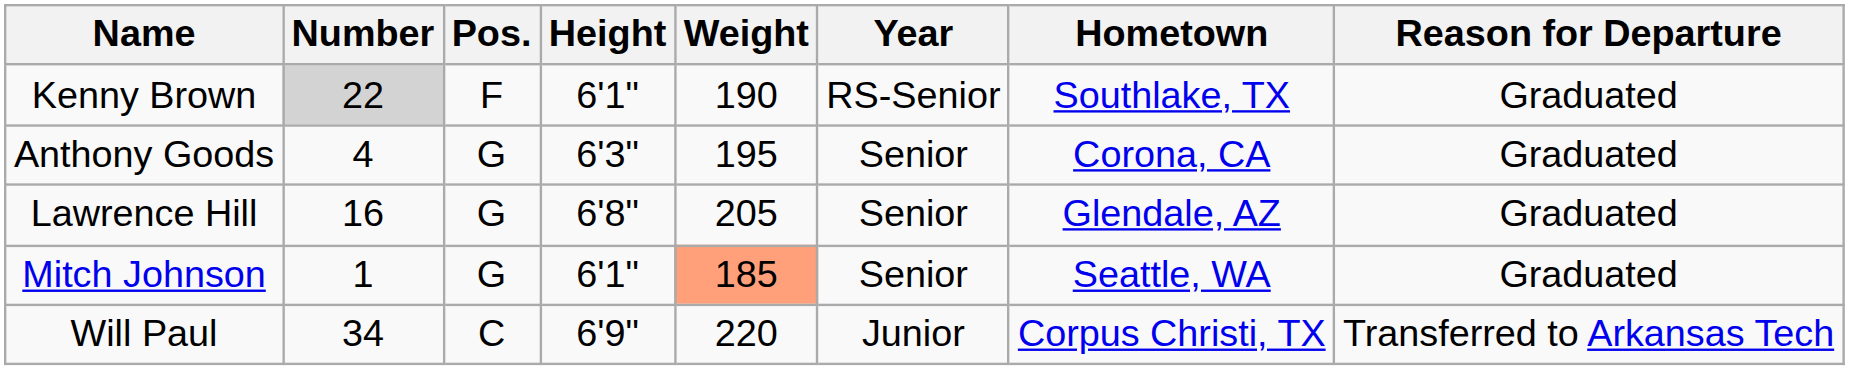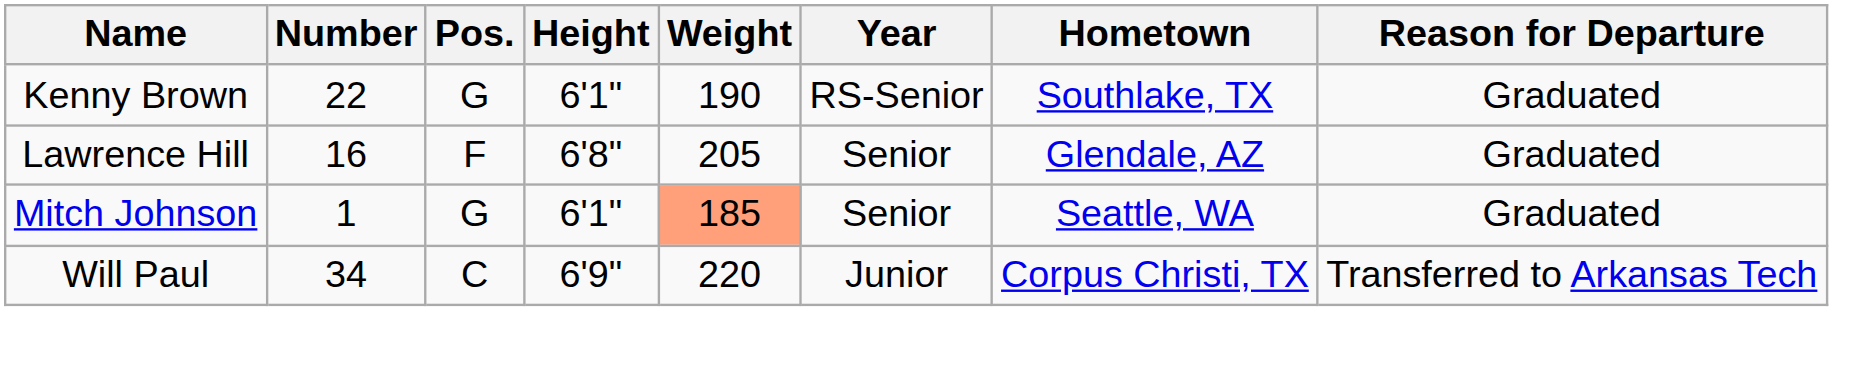 <table class="wikitable sortable sortable" style="text-align: center">
 <tr align=center>
 <th>Name</th>
 <th>Number</th>
 <th>Pos.</th>
 <th>Height</th>
 <th>Weight</th>
 <th>Year</th>
 <th>Hometown</th>
 <th>Reason for Departure</th>
 </tr>
 <tr>
 <td>Kenny Brown</td>
-<td style="background: lightgrey;">22</td>
-<td>F</td>
+<td>22</td>
+<td>G</td>
 <td>6'1"</td>
 <td>190</td>
 <td>RS-Senior</td>
 <td><a href='#'>Southlake, TX</a></td>
 <td>Graduated</td>
 </tr>
 <tr>
-<td>Anthony Goods</td>
-<td>4</td>
-<td>G</td>
-<td>6'3"</td>
-<td>195</td>
-<td>Senior</td>
-<td><a href='#'>Corona, CA</a></td>
-<td>Graduated</td>
-</tr>
-<tr>
 <td>Lawrence Hill</td>
 <td>16</td>
-<td>G</td>
+<td>F</td>
 <td>6'8"</td>
 <td>205</td>
 <td>Senior</td>
 <td><a href='#'>Glendale, AZ</a></td>
 <td>Graduated</td>
 </tr>
 <tr>
 <td><a href='#'>Mitch Johnson</a></td>
 <td>1</td>
 <td>G</td>
 <td>6'1"</td>
 <td style="background: lightsalmon;">185</td>
 <td>Senior</td>
 <td><a href='#'>Seattle, WA</a></td>
 <td>Graduated</td>
 </tr>
 <tr>
 <td>Will Paul</td>
 <td>34</td>
 <td>C</td>
 <td>6'9"</td>
 <td>220</td>
 <td>Junior</td>
 <td><a href='#'>Corpus Christi, TX</a></td>
 <td>Transferred to <a href='#'>Arkansas Tech</a></td>
 </tr>
 </table>
